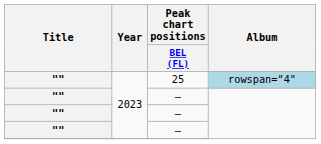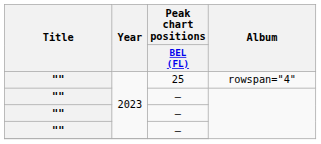 <table class="wikitable plainrowheaders" style="text-align:center;">
 <tr>
 <th scope="col" rowspan="2" style="width:10em;">Title</th>
 <th scope="col" rowspan="2" style="width:3em;">Year</th>
 <th scope="col" colspan="1">Peak chart positions</th>
 <th scope="col" rowspan="2" style="width:10em;">Album</th>
 </tr>
 <tr>
 <th scope="col" style="width:3.5em;font-size:90%;"><a href='#'>BEL<br>(FL)</a><br></th>
 </tr>
 <tr>
 <th scope="row">""</th>
 <td rowspan="4">2023</td>
 <td>25</td>
-<td style="background: lightblue;">rowspan="4" </td>
+<td>rowspan="4" </td>
 </tr>
 <tr>
 <th scope="row">""</th>
 <td>—</td>
 </tr>
 <tr>
 <th scope="row">""</th>
 <td>—</td>
 </tr>
 <tr>
 <th scope="row">""</th>
 <td>—</td>
 </tr>
 <tr>
 </tr>
 </table>
